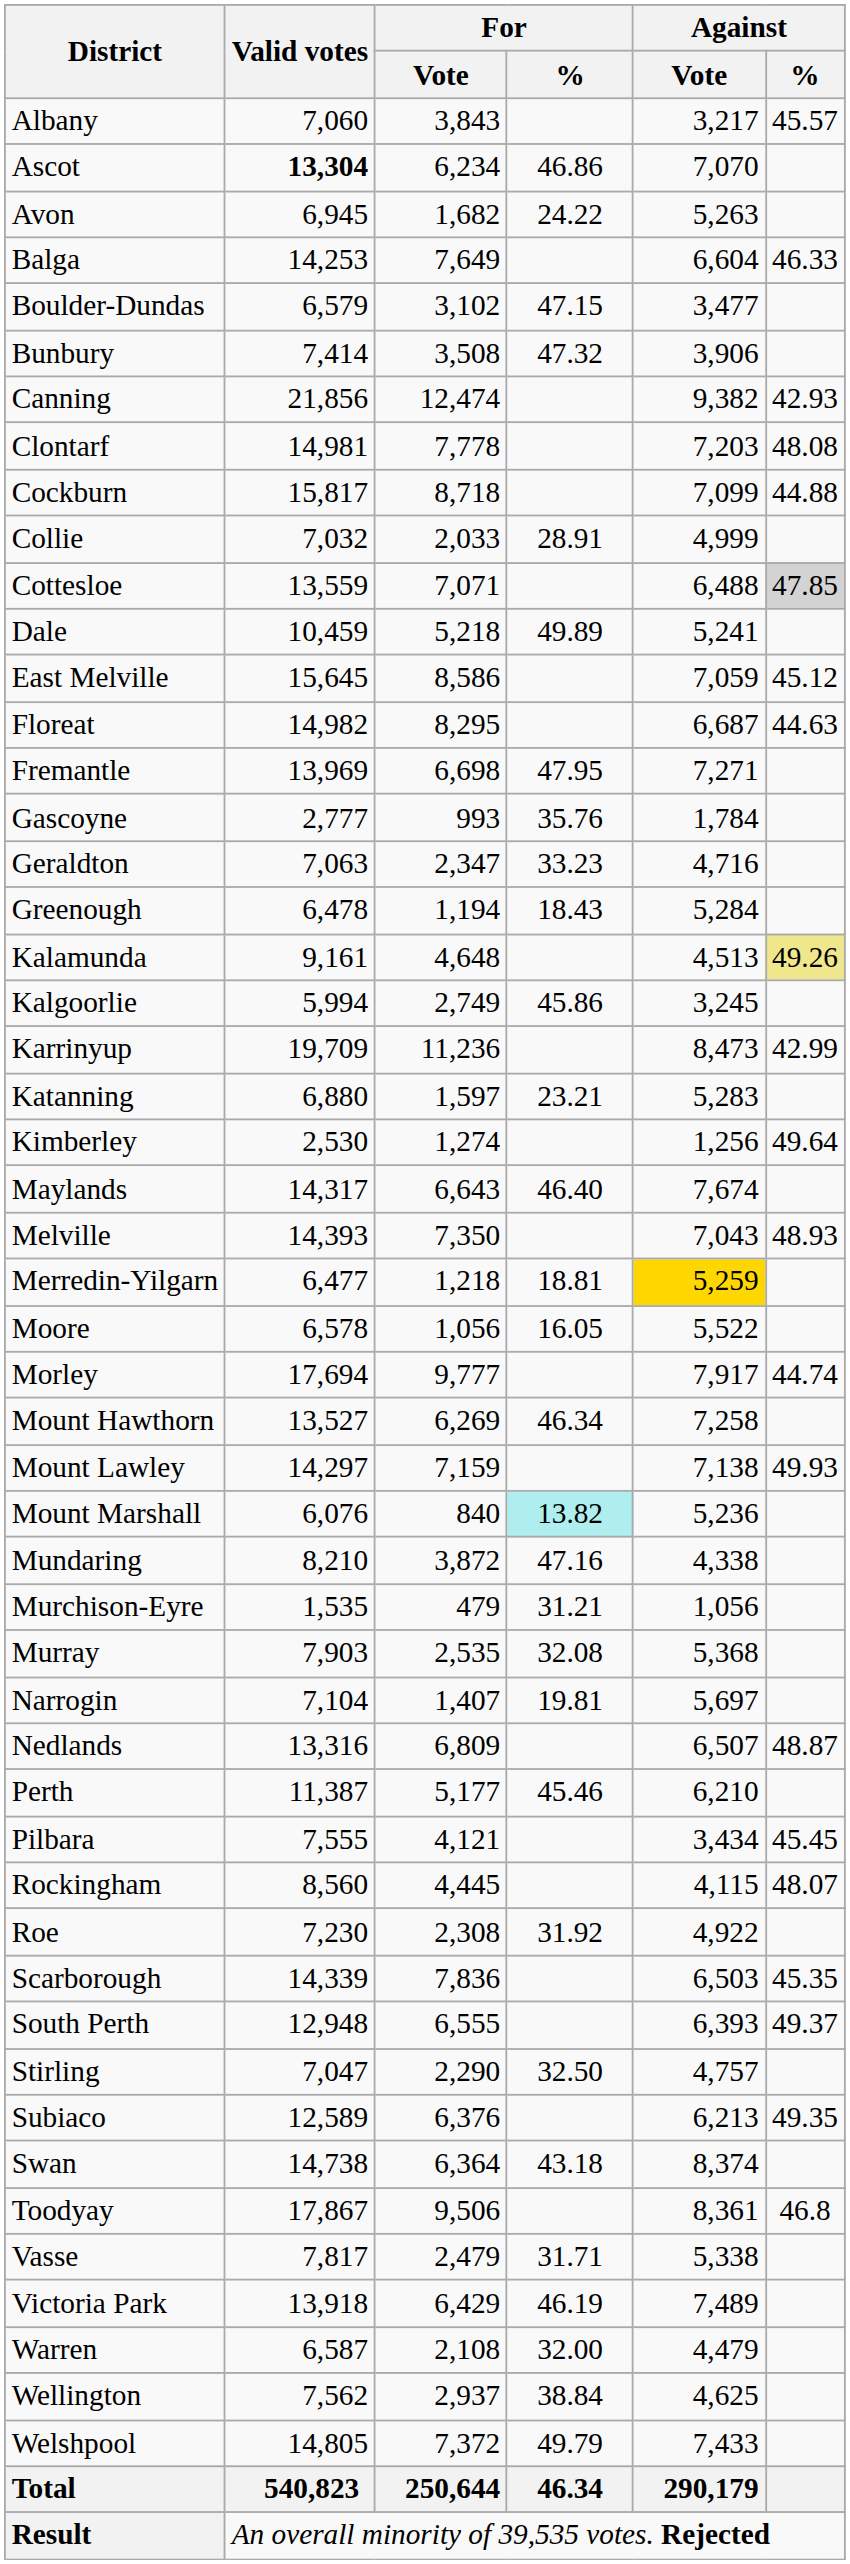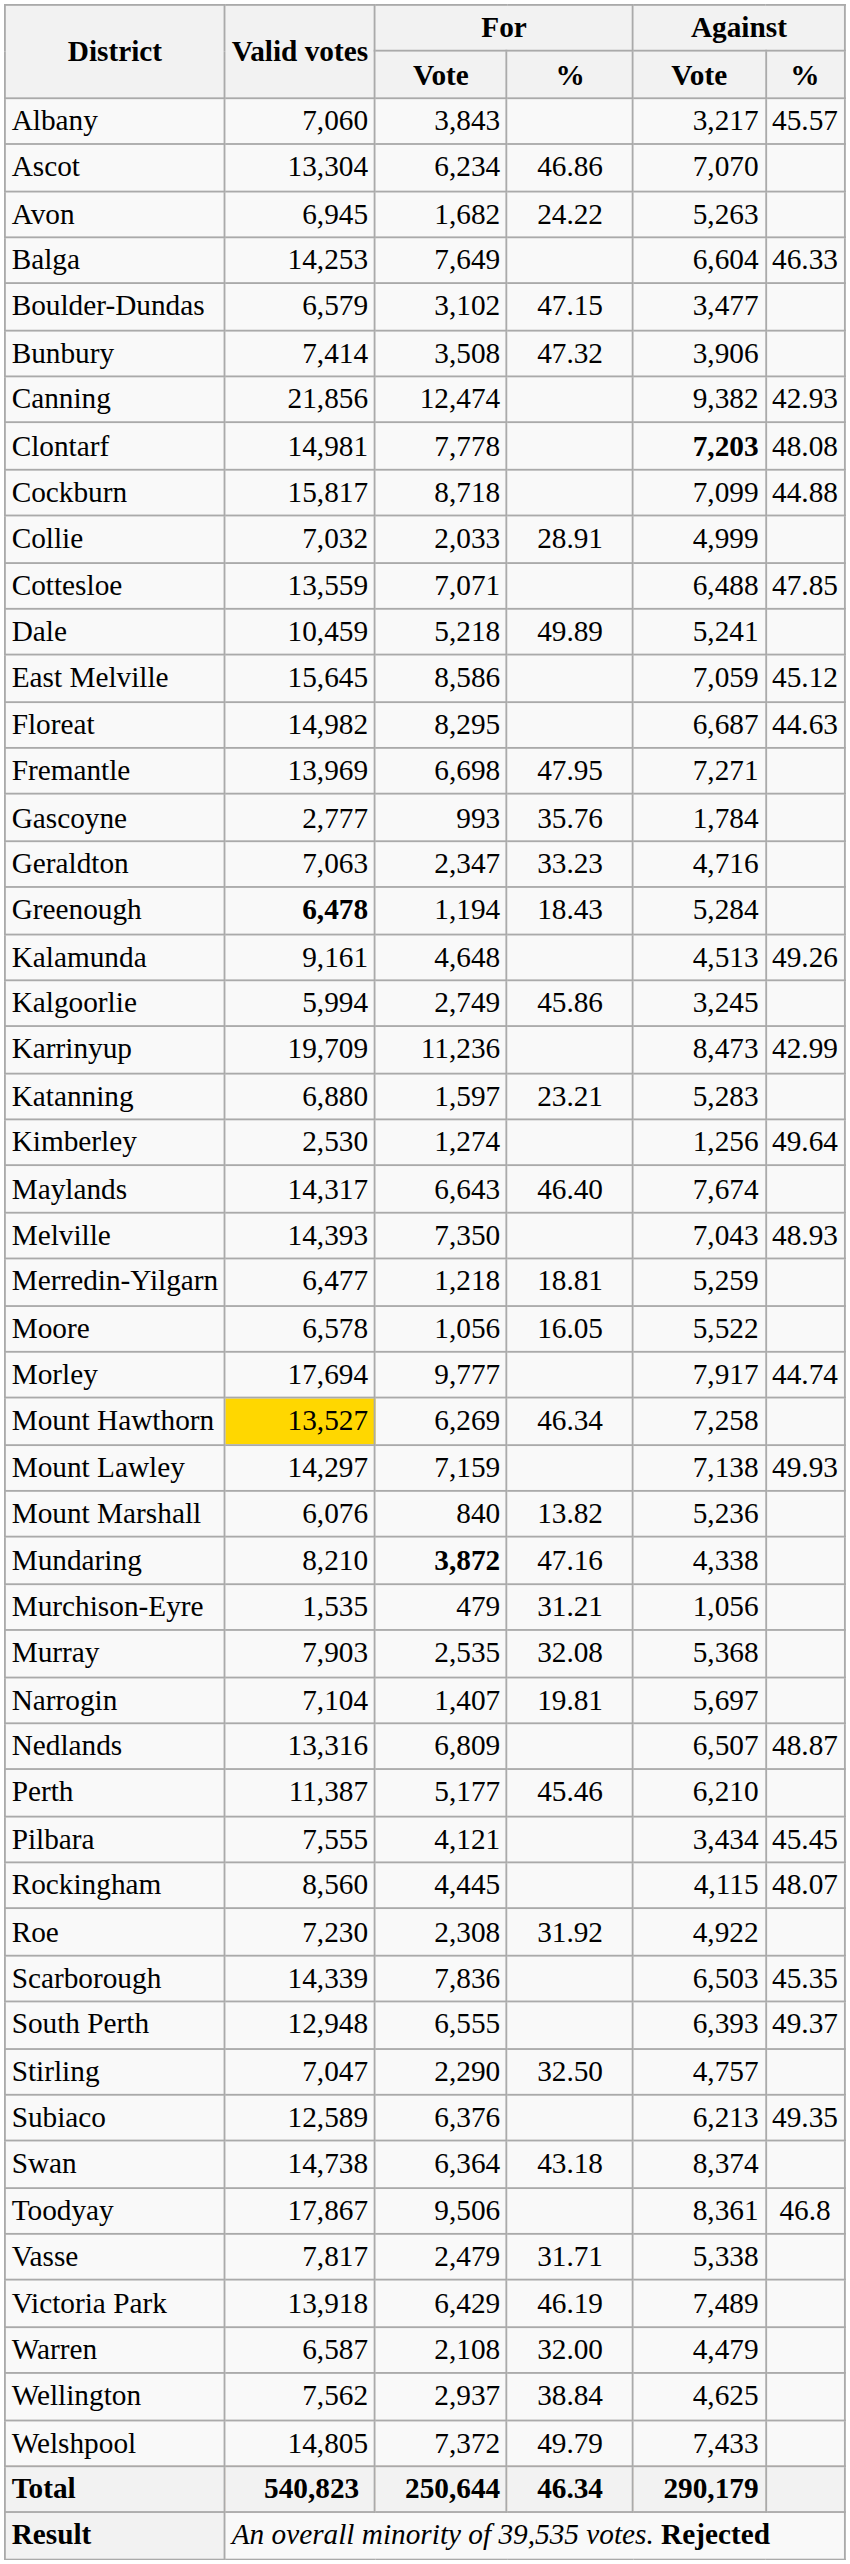 <table class="wikitable sortable">
 <tr align=center>
 <th rowspan="2">District</th>
 <th rowspan="2">Valid votes</th>
 <th align=center colspan="2">For</th>
 <th align=center colspan="2">Against</th>
 </tr>
 <tr>
 <th align=center>Vote</th>
 <th align=center>%</th>
 <th align=center>Vote</th>
 <th align=center>%</th>
 </tr>
 <tr align=right>
 <td style="text-align:left;">Albany</td>
 <td>7,060</td>
 <td>3,843</td>
 <td></td>
 <td>3,217</td>
 <td align="center">45.57</td>
 </tr>
 <tr align=right>
 <td style="text-align:left;">Ascot</td>
-<td><strong>13,304</strong></td>
+<td>13,304</td>
 <td>6,234</td>
 <td align="center">46.86</td>
 <td>7,070</td>
 <td></td>
 </tr>
 <tr align=right>
 <td style="text-align:left;">Avon</td>
 <td>6,945</td>
 <td>1,682</td>
 <td align="center">24.22</td>
 <td>5,263</td>
 <td></td>
 </tr>
 <tr align=right>
 <td style="text-align:left;">Balga</td>
 <td>14,253</td>
 <td>7,649</td>
 <td></td>
 <td>6,604</td>
 <td align="center">46.33</td>
 </tr>
 <tr align=right>
 <td style="text-align:left;">Boulder-Dundas</td>
 <td>6,579</td>
 <td>3,102</td>
 <td align="center">47.15</td>
 <td>3,477</td>
 <td></td>
 </tr>
 <tr align=right>
 <td style="text-align:left;">Bunbury</td>
 <td>7,414</td>
 <td>3,508</td>
 <td align="center">47.32</td>
 <td>3,906</td>
 <td></td>
 </tr>
 <tr align=right>
 <td style="text-align:left;">Canning</td>
 <td>21,856</td>
 <td>12,474</td>
 <td></td>
 <td>9,382</td>
 <td align="center">42.93</td>
 </tr>
 <tr align=right>
 <td style="text-align:left;">Clontarf</td>
 <td>14,981</td>
 <td>7,778</td>
 <td></td>
-<td>7,203</td>
+<td><strong>7,203</strong></td>
 <td align="center">48.08</td>
 </tr>
 <tr align=right>
 <td style="text-align:left;">Cockburn</td>
 <td>15,817</td>
 <td>8,718</td>
 <td></td>
 <td>7,099</td>
 <td align="center">44.88</td>
 </tr>
 <tr align=right>
 <td style="text-align:left;">Collie</td>
 <td>7,032</td>
 <td>2,033</td>
 <td align="center">28.91</td>
 <td>4,999</td>
 <td></td>
 </tr>
 <tr align=right>
 <td style="text-align:left;">Cottesloe</td>
 <td>13,559</td>
 <td>7,071</td>
 <td></td>
 <td>6,488</td>
-<td align="center" style="background: lightgrey;">47.85</td>
+<td align="center">47.85</td>
 </tr>
 <tr align=right>
 <td style="text-align:left;">Dale</td>
 <td>10,459</td>
 <td>5,218</td>
 <td align="center">49.89</td>
 <td>5,241</td>
 <td></td>
 </tr>
 <tr align=right>
 <td style="text-align:left;">East Melville</td>
 <td>15,645</td>
 <td>8,586</td>
 <td></td>
 <td>7,059</td>
 <td align="center">45.12</td>
 </tr>
 <tr align=right>
 <td style="text-align:left;">Floreat</td>
 <td>14,982</td>
 <td>8,295</td>
 <td></td>
 <td>6,687</td>
 <td align="center">44.63</td>
 </tr>
 <tr align=right>
 <td style="text-align:left;">Fremantle</td>
 <td>13,969</td>
 <td>6,698</td>
 <td align="center">47.95</td>
 <td>7,271</td>
 <td></td>
 </tr>
 <tr align=right>
 <td style="text-align:left;">Gascoyne</td>
 <td>2,777</td>
 <td>993</td>
 <td align="center">35.76</td>
 <td>1,784</td>
 <td></td>
 </tr>
 <tr align=right>
 <td style="text-align:left;">Geraldton</td>
 <td>7,063</td>
 <td>2,347</td>
 <td align="center">33.23</td>
 <td>4,716</td>
 <td></td>
 </tr>
 <tr align=right>
 <td style="text-align:left;">Greenough</td>
-<td>6,478</td>
+<td><strong>6,478</strong></td>
 <td>1,194</td>
 <td align="center">18.43</td>
 <td>5,284</td>
 <td></td>
 </tr>
 <tr align=right>
 <td style="text-align:left;">Kalamunda</td>
 <td>9,161</td>
 <td>4,648</td>
 <td></td>
 <td>4,513</td>
-<td align="center" style="background: khaki;">49.26</td>
+<td align="center">49.26</td>
 </tr>
 <tr align=right>
 <td style="text-align:left;">Kalgoorlie</td>
 <td>5,994</td>
 <td>2,749</td>
 <td align="center">45.86</td>
 <td>3,245</td>
 <td></td>
 </tr>
 <tr align=right>
 <td style="text-align:left;">Karrinyup</td>
 <td>19,709</td>
 <td>11,236</td>
 <td></td>
 <td>8,473</td>
 <td align="center">42.99</td>
 </tr>
 <tr align=right>
 <td style="text-align:left;">Katanning</td>
 <td>6,880</td>
 <td>1,597</td>
 <td align="center">23.21</td>
 <td>5,283</td>
 <td></td>
 </tr>
 <tr align=right>
 <td style="text-align:left;">Kimberley</td>
 <td>2,530</td>
 <td>1,274</td>
 <td></td>
 <td>1,256</td>
 <td align="center">49.64</td>
 </tr>
 <tr align=right>
 <td style="text-align:left;">Maylands</td>
 <td>14,317</td>
 <td>6,643</td>
 <td align="center">46.40</td>
 <td>7,674</td>
 <td></td>
 </tr>
 <tr align=right>
 <td style="text-align:left;">Melville</td>
 <td>14,393</td>
 <td>7,350</td>
 <td></td>
 <td>7,043</td>
 <td align="center">48.93</td>
 </tr>
 <tr align=right>
 <td style="text-align:left;">Merredin-Yilgarn</td>
 <td>6,477</td>
 <td>1,218</td>
 <td align="center">18.81</td>
-<td style="background: gold;">5,259</td>
+<td>5,259</td>
 <td></td>
 </tr>
 <tr align=right>
 <td style="text-align:left;">Moore</td>
 <td>6,578</td>
 <td>1,056</td>
 <td align="center">16.05</td>
 <td>5,522</td>
 <td></td>
 </tr>
 <tr align=right>
 <td style="text-align:left;">Morley</td>
 <td>17,694</td>
 <td>9,777</td>
 <td></td>
 <td>7,917</td>
 <td align="center">44.74</td>
 </tr>
 <tr align=right>
 <td style="text-align:left;">Mount Hawthorn</td>
-<td>13,527</td>
+<td style="background: gold;">13,527</td>
 <td>6,269</td>
 <td align="center">46.34</td>
 <td>7,258</td>
 <td></td>
 </tr>
 <tr align=right>
 <td style="text-align:left;">Mount Lawley</td>
 <td>14,297</td>
 <td>7,159</td>
 <td></td>
 <td>7,138</td>
 <td align="center">49.93</td>
 </tr>
 <tr align=right>
 <td style="text-align:left;">Mount Marshall</td>
 <td>6,076</td>
 <td>840</td>
-<td align="center" style="background: paleturquoise;">13.82</td>
+<td align="center">13.82</td>
 <td>5,236</td>
 <td></td>
 </tr>
 <tr align=right>
 <td style="text-align:left;">Mundaring</td>
 <td>8,210</td>
-<td>3,872</td>
+<td><strong>3,872</strong></td>
 <td align="center">47.16</td>
 <td>4,338</td>
 <td></td>
 </tr>
 <tr align=right>
 <td style="text-align:left;">Murchison-Eyre</td>
 <td>1,535</td>
 <td>479</td>
 <td align="center">31.21</td>
 <td>1,056</td>
 <td></td>
 </tr>
 <tr align=right>
 <td style="text-align:left;">Murray</td>
 <td>7,903</td>
 <td>2,535</td>
 <td align="center">32.08</td>
 <td>5,368</td>
 <td></td>
 </tr>
 <tr align=right>
 <td style="text-align:left;">Narrogin</td>
 <td>7,104</td>
 <td>1,407</td>
 <td align="center">19.81</td>
 <td>5,697</td>
 <td></td>
 </tr>
 <tr align=right>
 <td style="text-align:left;">Nedlands</td>
 <td>13,316</td>
 <td>6,809</td>
 <td></td>
 <td>6,507</td>
 <td align="center">48.87</td>
 </tr>
 <tr align=right>
 <td style="text-align:left;">Perth</td>
 <td>11,387</td>
 <td>5,177</td>
 <td align="center">45.46</td>
 <td>6,210</td>
 <td></td>
 </tr>
 <tr align=right>
 <td style="text-align:left;">Pilbara</td>
 <td>7,555</td>
 <td>4,121</td>
 <td></td>
 <td>3,434</td>
 <td align="center">45.45</td>
 </tr>
 <tr align=right>
 <td style="text-align:left;">Rockingham</td>
 <td>8,560</td>
 <td>4,445</td>
 <td></td>
 <td>4,115</td>
 <td align="center">48.07</td>
 </tr>
 <tr align=right>
 <td style="text-align:left;">Roe</td>
 <td>7,230</td>
 <td>2,308</td>
 <td align="center">31.92</td>
 <td>4,922</td>
 <td></td>
 </tr>
 <tr align=right>
 <td style="text-align:left;">Scarborough</td>
 <td>14,339</td>
 <td>7,836</td>
 <td></td>
 <td>6,503</td>
 <td align="center">45.35</td>
 </tr>
 <tr align=right>
 <td style="text-align:left;">South Perth</td>
 <td>12,948</td>
 <td>6,555</td>
 <td></td>
 <td>6,393</td>
 <td align="center">49.37</td>
 </tr>
 <tr align=right>
 <td style="text-align:left;">Stirling</td>
 <td>7,047</td>
 <td>2,290</td>
 <td align="center">32.50</td>
 <td>4,757</td>
 <td></td>
 </tr>
 <tr align=right>
 <td style="text-align:left;">Subiaco</td>
 <td>12,589</td>
 <td>6,376</td>
 <td></td>
 <td>6,213</td>
 <td align="center">49.35</td>
 </tr>
 <tr align=right>
 <td style="text-align:left;">Swan</td>
 <td>14,738</td>
 <td>6,364</td>
 <td align="center">43.18</td>
 <td>8,374</td>
 <td></td>
 </tr>
 <tr align=right>
 <td style="text-align:left;">Toodyay</td>
 <td>17,867</td>
 <td>9,506</td>
 <td></td>
 <td>8,361</td>
 <td align="center">46.8</td>
 </tr>
 <tr align=right>
 <td style="text-align:left;">Vasse</td>
 <td>7,817</td>
 <td>2,479</td>
 <td align="center">31.71</td>
 <td>5,338</td>
 <td></td>
 </tr>
 <tr align=right>
 <td style="text-align:left;">Victoria Park</td>
 <td>13,918</td>
 <td>6,429</td>
 <td align="center">46.19</td>
 <td>7,489</td>
 <td></td>
 </tr>
 <tr align=right>
 <td style="text-align:left;">Warren</td>
 <td>6,587</td>
 <td>2,108</td>
 <td align="center">32.00</td>
 <td>4,479</td>
 <td></td>
 </tr>
 <tr align=right>
 <td style="text-align:left;">Wellington</td>
 <td>7,562</td>
 <td>2,937</td>
 <td align="center">38.84</td>
 <td>4,625</td>
 <td></td>
 </tr>
 <tr align=right>
 <td style="text-align:left;">Welshpool</td>
 <td>14,805</td>
 <td>7,372</td>
 <td align="center">49.79</td>
 <td>7,433</td>
 <td></td>
 </tr>
 <tr class="sortbottom" bgcolor="#FFE0C0" align="right">
 <th style="text-align:left;">Total</th>
 <th style="padding-left: 1em">540,823</th>
 <th style="padding-left: 1em">250,644</th>
 <th style="padding-left: 1em;padding-right: 1em">46.34</th>
 <th style="padding-left: 1em">290,179</th>
 <th></th>
 </tr>
 <tr align="left">
 <th style="text-align:left;">Result</th>
 <td colspan="5"><em>An overall minority of 39,535 votes.</em> <strong>Rejected</strong></td>
 </tr>
 </table>
